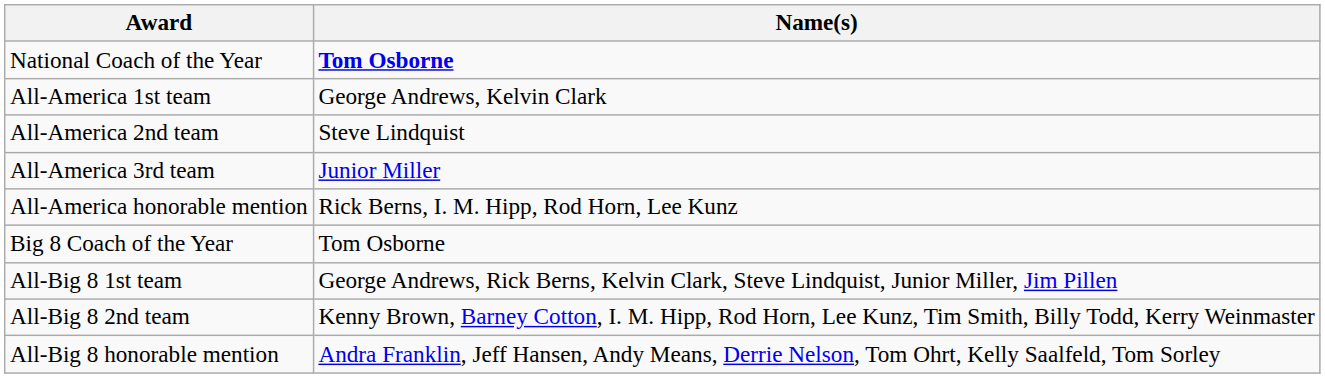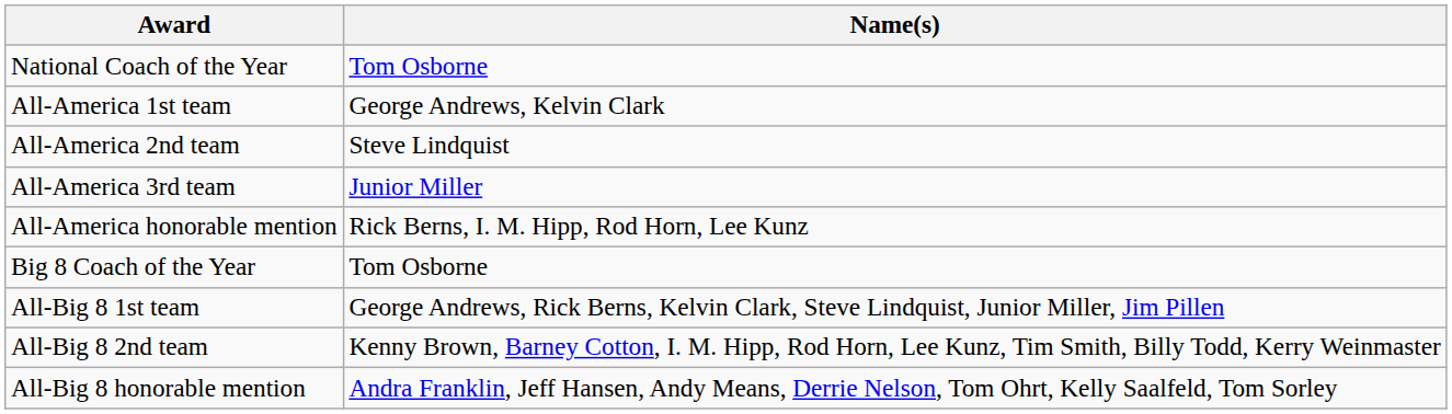 <table class="wikitable">
 <tr>
 <th>Award</th>
 <th>Name(s)</th>
 </tr>
 <tr>
 <td>National Coach of the Year</td>
-<td><strong><a href='#'>Tom Osborne</a></strong></td>
+<td><a href='#'>Tom Osborne</a></td>
 </tr>
 <tr>
 <td>All-America 1st team</td>
 <td>George Andrews, Kelvin Clark</td>
 </tr>
 <tr>
 <td>All-America 2nd team</td>
 <td>Steve Lindquist</td>
 </tr>
 <tr>
 <td>All-America 3rd team</td>
 <td><a href='#'>Junior Miller</a></td>
 </tr>
 <tr>
 <td>All-America honorable mention</td>
 <td>Rick Berns, I. M. Hipp, Rod Horn, Lee Kunz</td>
 </tr>
 <tr>
 <td>Big 8 Coach of the Year</td>
 <td>Tom Osborne</td>
 </tr>
 <tr>
 <td>All-Big 8 1st team</td>
 <td>George Andrews, Rick Berns, Kelvin Clark, Steve Lindquist, Junior Miller, <a href='#'>Jim Pillen</a></td>
 </tr>
 <tr>
 <td>All-Big 8 2nd team</td>
 <td>Kenny Brown, <a href='#'>Barney Cotton</a>, I. M. Hipp, Rod Horn, Lee Kunz, Tim Smith, Billy Todd, Kerry Weinmaster</td>
 </tr>
 <tr>
 <td>All-Big 8 honorable mention</td>
 <td><a href='#'>Andra Franklin</a>, Jeff Hansen, Andy Means, <a href='#'>Derrie Nelson</a>, Tom Ohrt, Kelly Saalfeld, Tom Sorley</td>
 </tr>
 </table>
